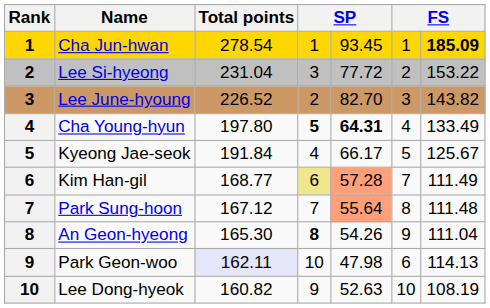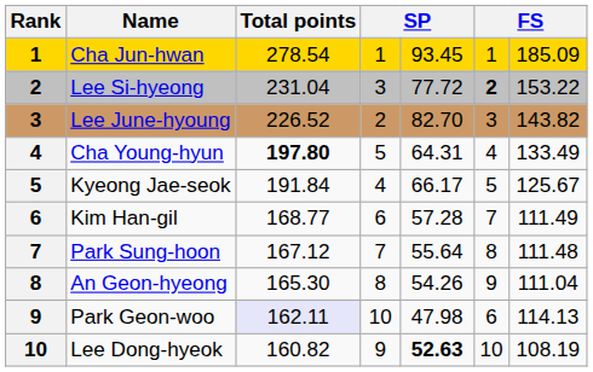 <table class="wikitable sortable">
 <tr>
 <th>Rank</th>
 <th>Name</th>
 <th>Total points</th>
 <th colspan="2" width="80px"><a href='#'>SP</a></th>
 <th colspan="2" width="80px"><a href='#'>FS</a></th>
 </tr>
 <tr bgcolor="gold">
 <td align="center"><strong>1</strong></td>
 <td><a href='#'>Cha Jun-hwan</a></td>
 <td align="center">278.54</td>
 <td align="center">1</td>
 <td align="center">93.45</td>
 <td align="center">1</td>
-<td align="center"><strong>185.09</strong></td>
+<td align="center">185.09</td>
 </tr>
 <tr bgcolor="silver">
 <td align="center"><strong>2</strong></td>
 <td><a href='#'>Lee Si-hyeong</a></td>
 <td align="center">231.04</td>
 <td align="center">3</td>
 <td align="center">77.72</td>
-<td align="center">2</td>
+<td align="center"><strong>2</strong></td>
 <td align="center">153.22</td>
 </tr>
 <tr bgcolor="cc9966">
 <td align="center"><strong>3</strong></td>
 <td><a href='#'>Lee June-hyoung</a></td>
 <td align="center">226.52</td>
 <td align="center">2</td>
 <td align="center">82.70</td>
 <td align="center">3</td>
 <td align="center">143.82</td>
 </tr>
 <tr>
 <th>4</th>
 <td><a href='#'>Cha Young-hyun</a></td>
-<td align="center">197.80</td>
-<td align="center"><strong>5</strong></td>
-<td align="center"><strong>64.31</strong></td>
+<td align="center"><strong>197.80</strong></td>
+<td align="center">5</td>
+<td align="center">64.31</td>
 <td align="center">4</td>
 <td align="center">133.49</td>
 </tr>
 <tr>
 <th>5</th>
 <td>Kyeong Jae-seok</td>
 <td align="center">191.84</td>
 <td align="center">4</td>
 <td align="center">66.17</td>
 <td align="center">5</td>
 <td align="center">125.67</td>
 </tr>
 <tr>
 <th>6</th>
 <td>Kim Han-gil</td>
 <td align="center">168.77</td>
-<td align="center" style="background: khaki;">6</td>
-<td align="center" style="background: lightsalmon;">57.28</td>
+<td align="center">6</td>
+<td align="center">57.28</td>
 <td align="center">7</td>
 <td align="center">111.49</td>
 </tr>
 <tr>
 <th>7</th>
 <td><a href='#'>Park Sung-hoon</a></td>
 <td align="center">167.12</td>
 <td align="center">7</td>
-<td align="center" style="background: lightsalmon;">55.64</td>
+<td align="center">55.64</td>
 <td align="center">8</td>
 <td align="center">111.48</td>
 </tr>
 <tr>
 <th>8</th>
 <td><a href='#'>An Geon-hyeong</a></td>
 <td align="center">165.30</td>
-<td align="center"><strong>8</strong></td>
+<td align="center">8</td>
 <td align="center">54.26</td>
 <td align="center">9</td>
 <td align="center">111.04</td>
 </tr>
 <tr>
 <th>9</th>
 <td>Park Geon-woo</td>
 <td align="center" style="background: lavender;">162.11</td>
 <td align="center">10</td>
 <td align="center">47.98</td>
 <td align="center">6</td>
 <td align="center">114.13</td>
 </tr>
 <tr>
 <th>10</th>
 <td>Lee Dong-hyeok</td>
 <td align="center">160.82</td>
 <td align="center">9</td>
-<td align="center">52.63</td>
+<td align="center"><strong>52.63</strong></td>
 <td align="center">10</td>
 <td align="center">108.19</td>
 </tr>
 </table>
